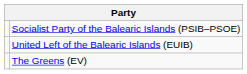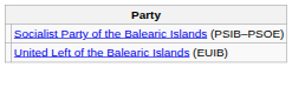 <table class="wikitable" style="text-align:left; font-size:97%;">
 <tr>
 <th colspan="2">Party</th>
 </tr>
 <tr>
 <td width="1"></td>
 <td><a href='#'>Socialist Party of the Balearic Islands</a> (PSIB–PSOE)</td>
 </tr>
 <tr>
 <td></td>
 <td><a href='#'>United Left of the Balearic Islands</a> (EUIB)</td>
 </tr>
-<tr>
-<td></td>
-<td><a href='#'>The Greens</a> (EV) </td>
-</tr>
 </table>
